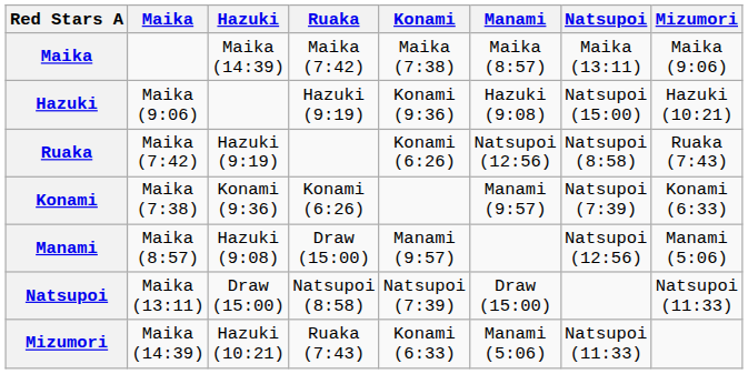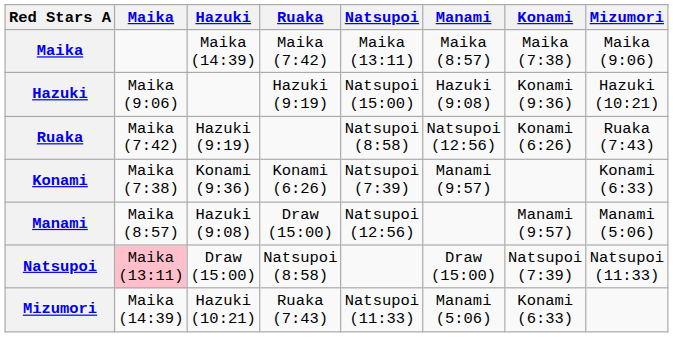 <table class="wikitable" style="text-align:center; margin: 1em auto 1em auto">
 <tr>
 <th>Red Stars A</th>
 <th><a href='#'>Maika</a></th>
 <th><a href='#'>Hazuki</a></th>
 <th><a href='#'>Ruaka</a></th>
+<th><a href='#'>Natsupoi</a></th>
+<th><a href='#'>Manami</a></th>
 <th><a href='#'>Konami</a></th>
-<th><a href='#'>Manami</a></th>
-<th><a href='#'>Natsupoi</a></th>
 <th><a href='#'>Mizumori</a></th>
 </tr>
 <tr>
 <th><a href='#'>Maika</a></th>
 <td></td>
 <td>Maika<br>(14:39)</td>
 <td>Maika<br>(7:42)</td>
+<td>Maika<br>(13:11)</td>
+<td>Maika<br>(8:57)</td>
 <td>Maika<br>(7:38)</td>
-<td>Maika<br>(8:57)</td>
-<td>Maika<br>(13:11)</td>
 <td>Maika<br>(9:06)</td>
 </tr>
 <tr>
 <th><a href='#'>Hazuki</a></th>
 <td>Maika<br>(9:06)</td>
 <td></td>
 <td>Hazuki<br>(9:19)</td>
+<td>Natsupoi<br>(15:00)</td>
+<td>Hazuki<br>(9:08)</td>
 <td>Konami<br>(9:36)</td>
-<td>Hazuki<br>(9:08)</td>
-<td>Natsupoi<br>(15:00)</td>
 <td>Hazuki<br>(10:21)</td>
 </tr>
 <tr>
 <th><a href='#'>Ruaka</a></th>
 <td>Maika<br>(7:42)</td>
 <td>Hazuki<br>(9:19)</td>
 <td></td>
+<td>Natsupoi<br>(8:58)</td>
+<td>Natsupoi<br>(12:56)</td>
 <td>Konami<br>(6:26)</td>
-<td>Natsupoi<br>(12:56)</td>
-<td>Natsupoi<br>(8:58)</td>
 <td>Ruaka<br>(7:43)</td>
 </tr>
 <tr>
 <th><a href='#'>Konami</a></th>
 <td>Maika<br>(7:38)</td>
 <td>Konami<br>(9:36)</td>
 <td>Konami<br>(6:26)</td>
+<td>Natsupoi<br>(7:39)</td>
+<td>Manami<br>(9:57)</td>
 <td></td>
-<td>Manami<br>(9:57)</td>
-<td>Natsupoi<br>(7:39)</td>
 <td>Konami<br>(6:33)</td>
 </tr>
 <tr>
 <th><a href='#'>Manami</a></th>
 <td>Maika<br>(8:57)</td>
 <td>Hazuki<br>(9:08)</td>
 <td>Draw<br>(15:00)</td>
+<td>Natsupoi<br>(12:56)</td>
+<td></td>
 <td>Manami<br>(9:57)</td>
-<td></td>
-<td>Natsupoi<br>(12:56)</td>
 <td>Manami<br>(5:06)</td>
 </tr>
 <tr>
 <th><a href='#'>Natsupoi</a></th>
-<td>Maika<br>(13:11)</td>
+<td style="background: pink;">Maika<br>(13:11)</td>
 <td>Draw<br>(15:00)</td>
 <td>Natsupoi<br>(8:58)</td>
+<td></td>
+<td>Draw<br>(15:00)</td>
 <td>Natsupoi<br>(7:39)</td>
-<td>Draw<br>(15:00)</td>
-<td></td>
 <td>Natsupoi<br>(11:33)</td>
 </tr>
 <tr>
 <th><a href='#'>Mizumori</a></th>
 <td>Maika<br>(14:39)</td>
 <td>Hazuki<br>(10:21)</td>
 <td>Ruaka<br>(7:43)</td>
+<td>Natsupoi<br>(11:33)</td>
+<td>Manami<br>(5:06)</td>
 <td>Konami<br>(6:33)</td>
-<td>Manami<br>(5:06)</td>
-<td>Natsupoi<br>(11:33)</td>
 <td></td>
 </tr>
 </table>
